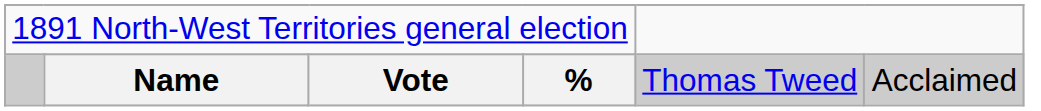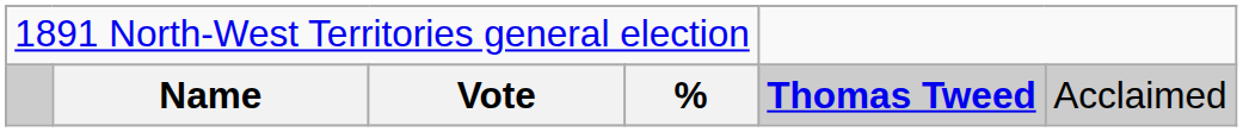 <table class="wikitable">
 <tr>
 <td colspan=4 align=center><a href='#'>1891 North-West Territories general election</a></td>
 </tr>
 <tr bgcolor="CCCCCC">
 <td></td>
 <th>Name</th>
 <th>Vote</th>
 <th>%<br></th>
-<td><a href='#'>Thomas Tweed</a></td>
+<td><strong><a href='#'>Thomas Tweed</a></strong></td>
 <td colspan="2" align=center>Acclaimed</td>
 </tr>
 </table>
